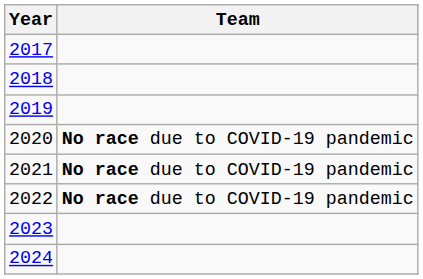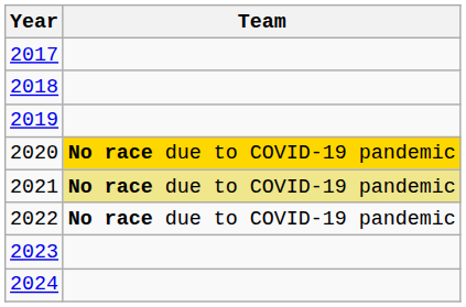 <table class="wikitable">
 <tr>
 <th>Year</th>
 <th>Team</th>
 </tr>
 <tr>
 <td><a href='#'>2017</a></td>
 <td></td>
 </tr>
 <tr>
 <td><a href='#'>2018</a></td>
 <td></td>
 </tr>
 <tr>
 <td><a href='#'>2019</a></td>
 <td></td>
 </tr>
 <tr>
 <td>2020</td>
-<td><strong>No race</strong> due to COVID-19 pandemic</td>
+<td style="background: gold;"><strong>No race</strong> due to COVID-19 pandemic</td>
 </tr>
 <tr>
 <td>2021</td>
-<td><strong>No race</strong> due to COVID-19 pandemic</td>
+<td style="background: khaki;"><strong>No race</strong> due to COVID-19 pandemic</td>
 </tr>
 <tr>
 <td>2022</td>
 <td><strong>No race</strong> due to COVID-19 pandemic</td>
 </tr>
 <tr>
 <td><a href='#'>2023</a></td>
 <td></td>
 </tr>
 <tr>
 <td><a href='#'>2024</a></td>
 <td></td>
 </tr>
 </table>
